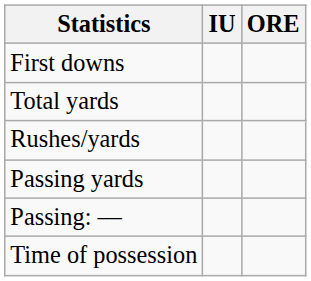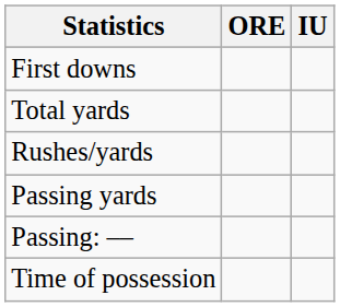 <table class="wikitable" style="float:left">
 <tr>
 <th>Statistics</th>
+<th>ORE</th>
 <th>IU</th>
-<th>ORE</th>
 </tr>
 <tr>
 <td>First downs</td>
 <td></td>
 <td></td>
 </tr>
 <tr>
 <td>Total yards</td>
 <td></td>
 <td></td>
 </tr>
 <tr>
 <td>Rushes/yards</td>
 <td></td>
 <td></td>
 </tr>
 <tr>
 <td>Passing yards</td>
 <td></td>
 <td></td>
 </tr>
 <tr>
 <td>Passing: ––</td>
 <td></td>
 <td></td>
 </tr>
 <tr>
 <td>Time of possession</td>
 <td></td>
 <td></td>
 </tr>
 </table>
